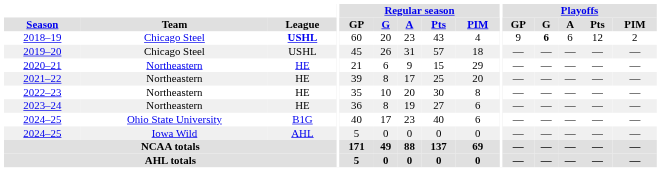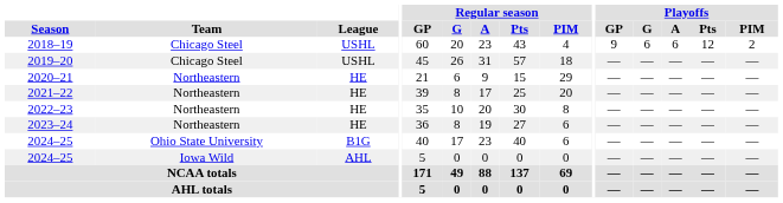 <table border="0" cellpadding="1" cellspacing="0" style="text-align:center; width:60em;">
 <tr bgcolor="#e0e0e0">
 <th colspan="3" bgcolor="#ffffff"></th>
 <th rowspan="102" bgcolor="#ffffff"></th>
 <th colspan="5"><a href='#'>Regular season</a></th>
 <th rowspan="102" bgcolor="#ffffff"></th>
 <th colspan="5"><a href='#'>Playoffs</a></th>
 </tr>
 <tr bgcolor="#e0e0e0">
 <th><a href='#'>Season</a></th>
 <th>Team</th>
 <th>League</th>
 <th>GP</th>
 <th><a href='#'>G</a></th>
 <th><a href='#'>A</a></th>
 <th><a href='#'>Pts</a></th>
 <th><a href='#'>PIM</a></th>
 <th>GP</th>
 <th>G</th>
 <th>A</th>
 <th>Pts</th>
 <th>PIM</th>
 </tr>
 <tr>
 <td><a href='#'>2018–19</a></td>
 <td><a href='#'>Chicago Steel</a></td>
-<td><strong><a href='#'>USHL</a></strong></td>
+<td><a href='#'>USHL</a></td>
 <td>60</td>
 <td>20</td>
 <td>23</td>
 <td>43</td>
 <td>4</td>
 <td>9</td>
-<td><strong>6</strong></td>
+<td>6</td>
 <td>6</td>
 <td>12</td>
 <td>2</td>
 </tr>
 <tr bgcolor="#f0f0f0">
 <td><a href='#'>2019–20</a></td>
 <td>Chicago Steel</td>
 <td>USHL</td>
 <td>45</td>
 <td>26</td>
 <td>31</td>
 <td>57</td>
 <td>18</td>
 <td>—</td>
 <td>—</td>
 <td>—</td>
 <td>—</td>
 <td>—</td>
 </tr>
 <tr>
 <td><a href='#'>2020–21</a></td>
 <td><a href='#'>Northeastern</a></td>
 <td><a href='#'>HE</a></td>
 <td>21</td>
 <td>6</td>
 <td>9</td>
 <td>15</td>
 <td>29</td>
 <td>—</td>
 <td>—</td>
 <td>—</td>
 <td>—</td>
 <td>—</td>
 </tr>
 <tr bgcolor="#f0f0f0">
 <td><a href='#'>2021–22</a></td>
 <td>Northeastern</td>
 <td>HE</td>
 <td>39</td>
 <td>8</td>
 <td>17</td>
 <td>25</td>
 <td>20</td>
 <td>—</td>
 <td>—</td>
 <td>—</td>
 <td>—</td>
 <td>—</td>
 </tr>
 <tr>
 <td><a href='#'>2022–23</a></td>
 <td>Northeastern</td>
 <td>HE</td>
 <td>35</td>
 <td>10</td>
 <td>20</td>
 <td>30</td>
 <td>8</td>
 <td>—</td>
 <td>—</td>
 <td>—</td>
 <td>—</td>
 <td>—</td>
 </tr>
 <tr bgcolor="#f0f0f0">
 <td><a href='#'>2023–24</a></td>
 <td>Northeastern</td>
 <td>HE</td>
 <td>36</td>
 <td>8</td>
 <td>19</td>
 <td>27</td>
 <td>6</td>
 <td>—</td>
 <td>—</td>
 <td>—</td>
 <td>—</td>
 <td>—</td>
 </tr>
 <tr>
 <td><a href='#'>2024–25</a></td>
 <td><a href='#'>Ohio State University</a></td>
 <td><a href='#'>B1G</a></td>
 <td>40</td>
 <td>17</td>
 <td>23</td>
 <td>40</td>
 <td>6</td>
 <td>—</td>
 <td>—</td>
 <td>—</td>
 <td>—</td>
 <td>—</td>
 </tr>
 <tr bgcolor="#f0f0f0">
 <td><a href='#'>2024–25</a></td>
 <td><a href='#'>Iowa Wild</a></td>
 <td><a href='#'>AHL</a></td>
 <td>5</td>
 <td>0</td>
 <td>0</td>
 <td>0</td>
 <td>0</td>
 <td>—</td>
 <td>—</td>
 <td>—</td>
 <td>—</td>
 <td>—</td>
 </tr>
 <tr bgcolor="#e0e0e0">
 <th colspan="3">NCAA totals</th>
 <th>171</th>
 <th>49</th>
 <th>88</th>
 <th>137</th>
 <th>69</th>
 <th>—</th>
 <th>—</th>
 <th>—</th>
 <th>—</th>
 <th>—</th>
 </tr>
 <tr bgcolor="#e0e0e0">
 <th colspan="3">AHL totals</th>
 <th>5</th>
 <th>0</th>
 <th>0</th>
 <th>0</th>
 <th>0</th>
 <th>—</th>
 <th>—</th>
 <th>—</th>
 <th>—</th>
 <th>—</th>
 </tr>
 </table>
